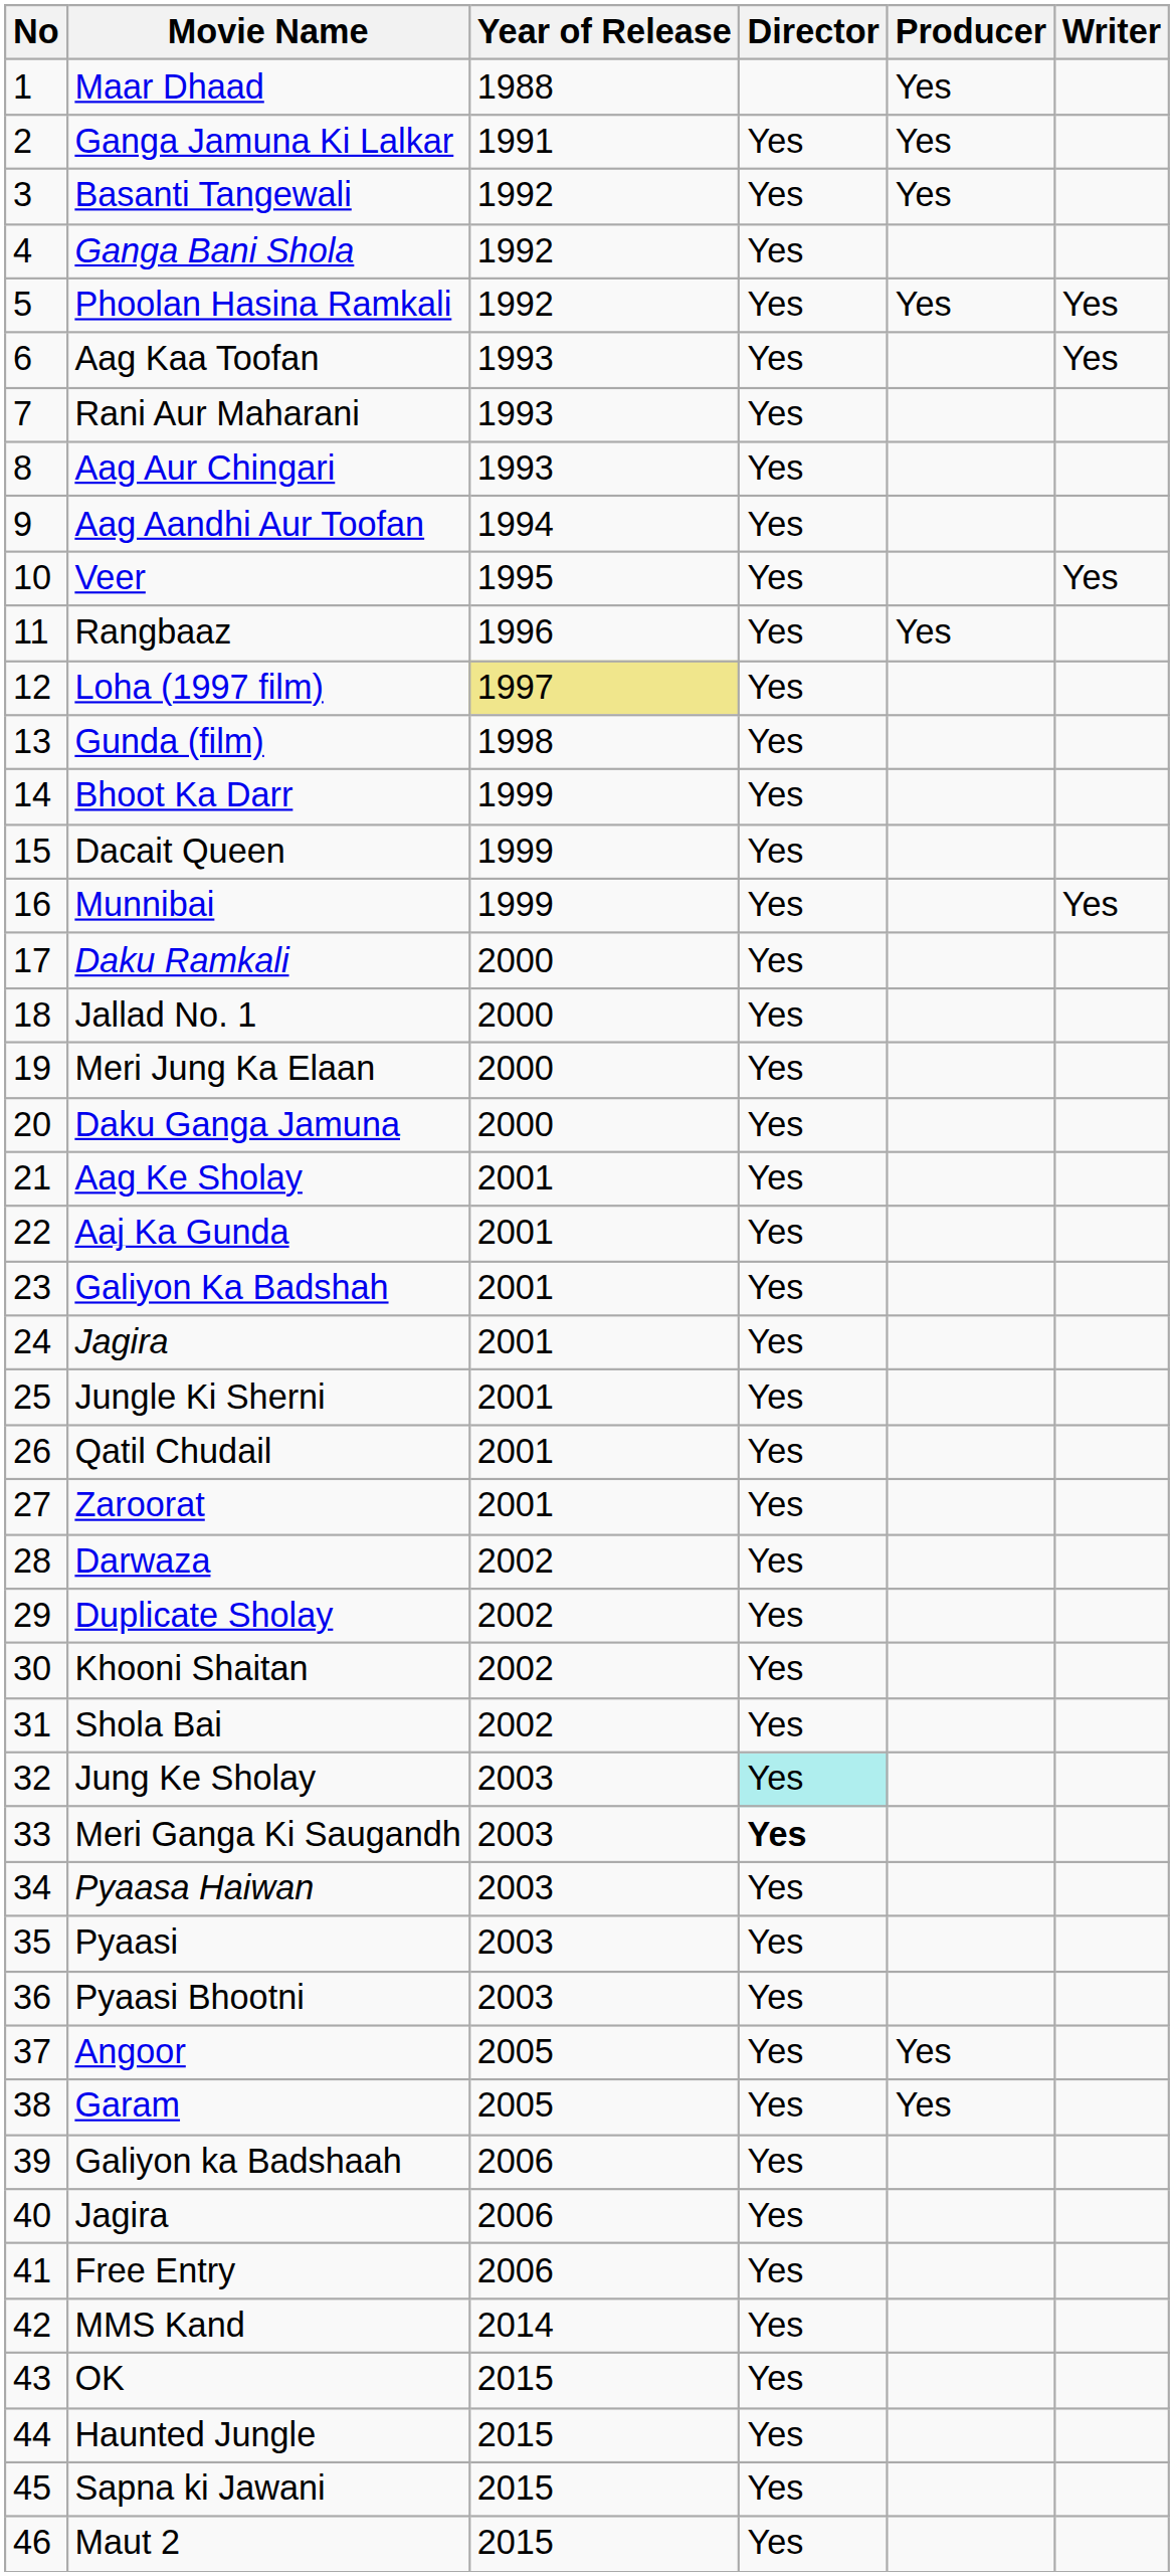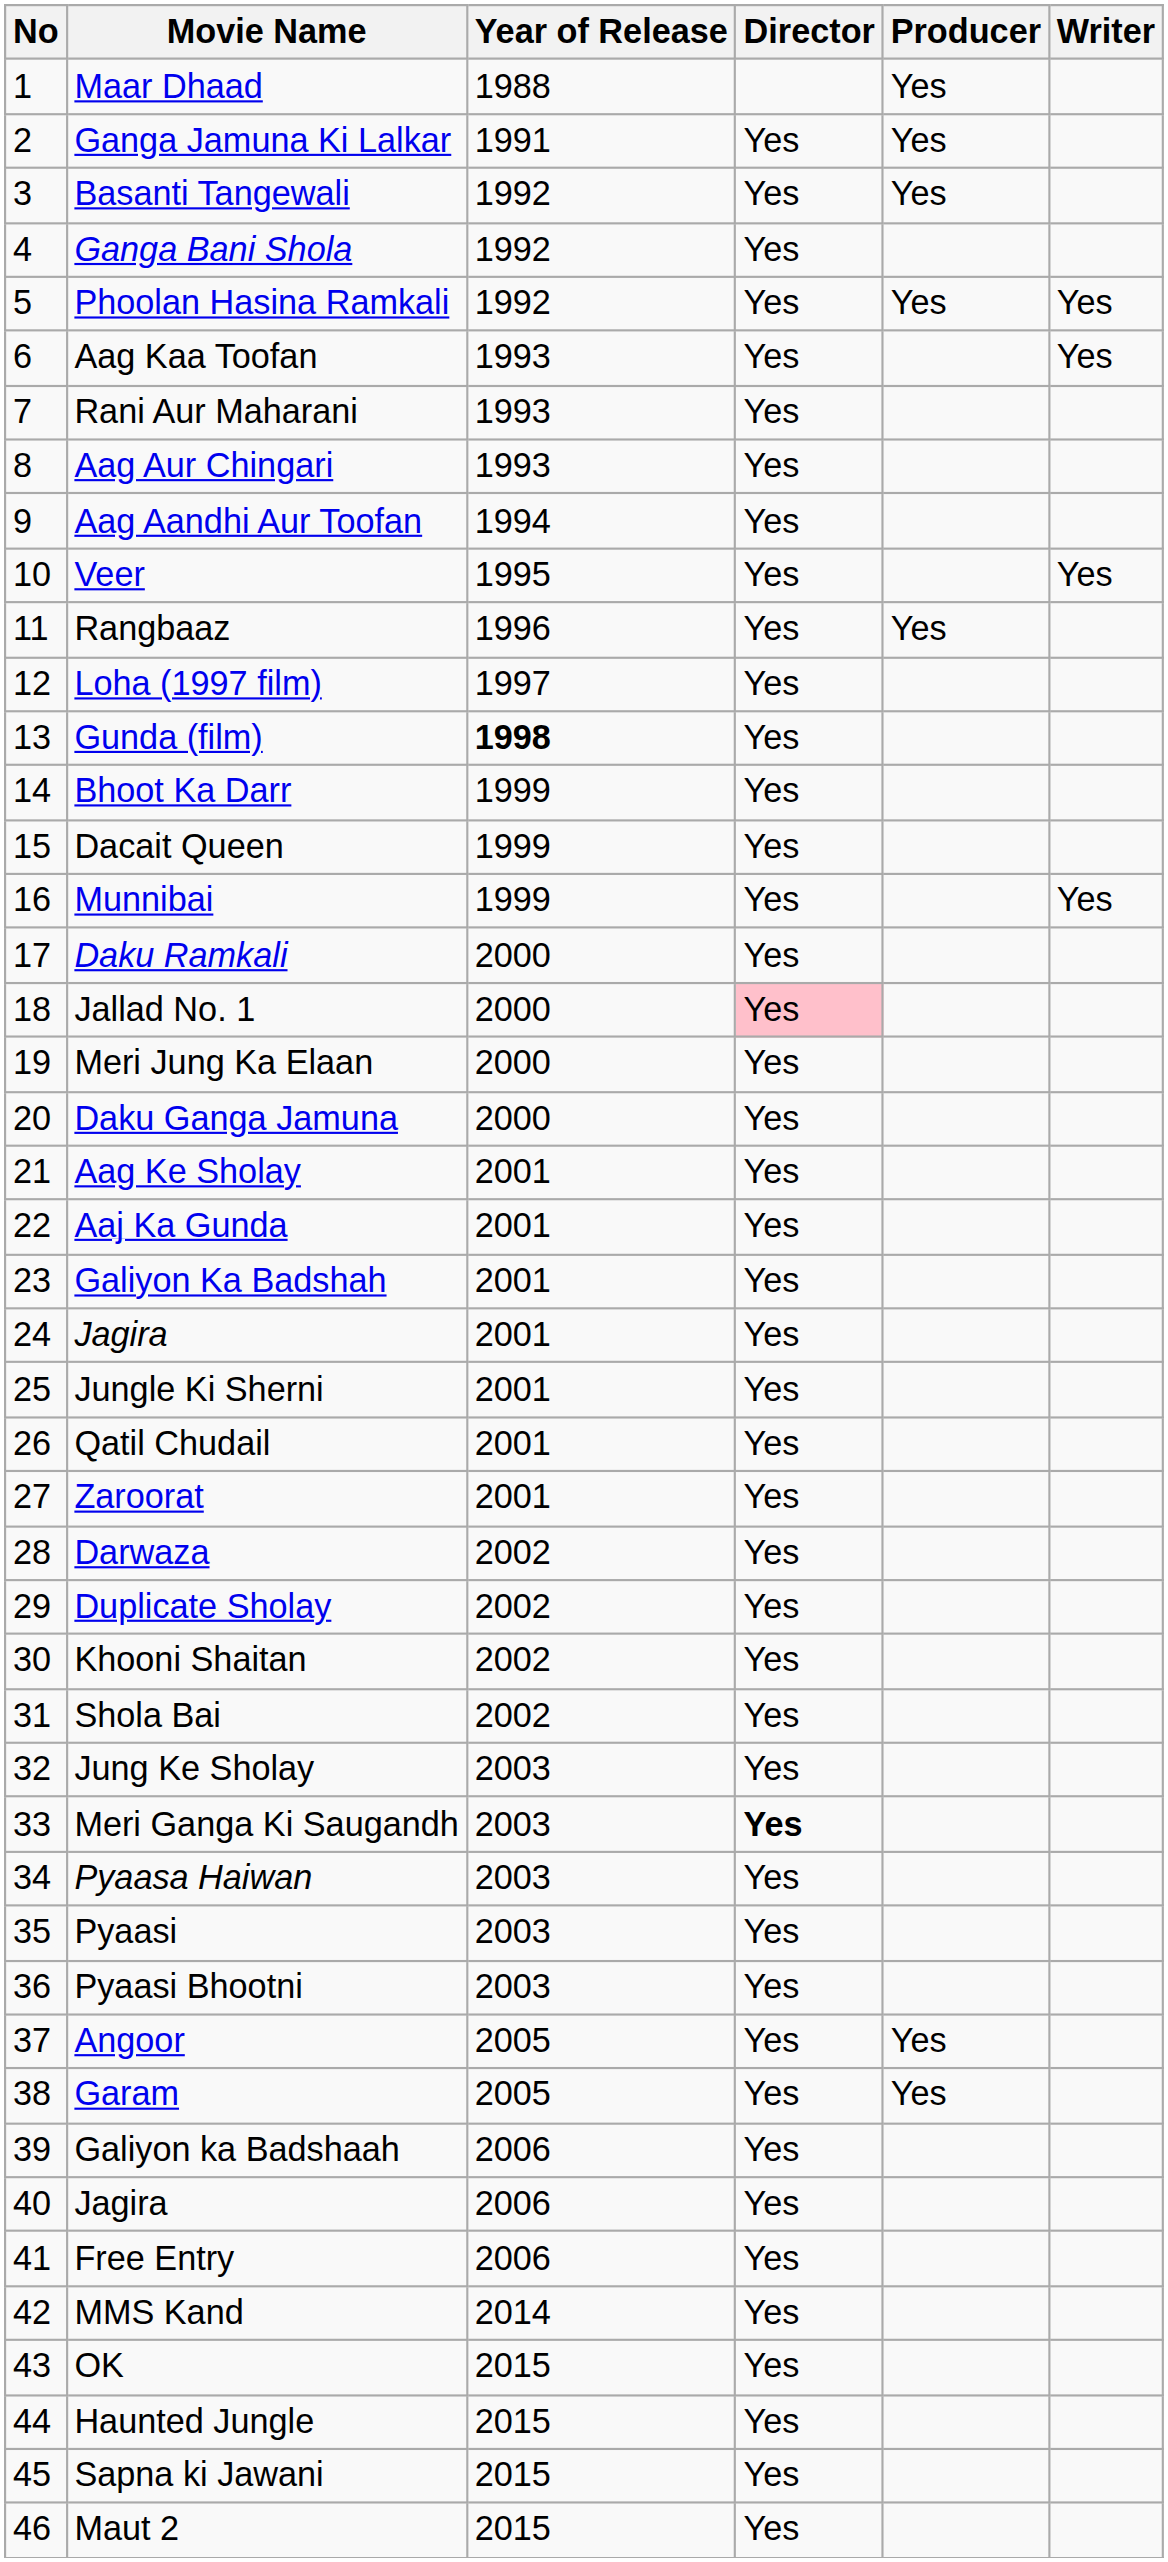 <table class="wikitable sortable">
 <tr style="background:#ccc; align:center,">
 <th>No</th>
 <th>Movie Name</th>
 <th>Year of Release</th>
 <th>Director</th>
 <th>Producer</th>
 <th>Writer</th>
 </tr>
 <tr>
 <td>1</td>
 <td><a href='#'>Maar Dhaad</a></td>
 <td>1988</td>
 <td></td>
 <td>Yes</td>
 <td></td>
 </tr>
 <tr>
 <td>2</td>
 <td><a href='#'>Ganga Jamuna Ki Lalkar</a></td>
 <td>1991</td>
 <td>Yes</td>
 <td>Yes</td>
 <td></td>
 </tr>
 <tr>
 <td>3</td>
 <td><a href='#'>Basanti Tangewali</a></td>
 <td>1992</td>
 <td>Yes</td>
 <td>Yes</td>
 <td></td>
 </tr>
 <tr>
 <td>4</td>
 <td><em><a href='#'>Ganga Bani Shola</a></em></td>
 <td>1992</td>
 <td>Yes</td>
 <td></td>
 <td></td>
 </tr>
 <tr>
 <td>5</td>
 <td><a href='#'>Phoolan Hasina Ramkali</a></td>
 <td>1992</td>
 <td>Yes</td>
 <td>Yes</td>
 <td>Yes</td>
 </tr>
 <tr>
 <td>6</td>
 <td>Aag Kaa Toofan</td>
 <td>1993</td>
 <td>Yes</td>
 <td></td>
 <td>Yes</td>
 </tr>
 <tr>
 <td>7</td>
 <td>Rani Aur Maharani</td>
 <td>1993</td>
 <td>Yes</td>
 <td></td>
 <td></td>
 </tr>
 <tr>
 <td>8</td>
 <td><a href='#'>Aag Aur Chingari</a></td>
 <td>1993</td>
 <td>Yes</td>
 <td></td>
 <td></td>
 </tr>
 <tr>
 <td>9</td>
 <td><a href='#'>Aag Aandhi Aur Toofan</a></td>
 <td>1994</td>
 <td>Yes</td>
 <td></td>
 <td></td>
 </tr>
 <tr>
 <td>10</td>
 <td><a href='#'>Veer</a></td>
 <td>1995</td>
 <td>Yes</td>
 <td></td>
 <td>Yes</td>
 </tr>
 <tr>
 <td>11</td>
 <td>Rangbaaz</td>
 <td>1996</td>
 <td>Yes</td>
 <td>Yes</td>
 <td></td>
 </tr>
 <tr>
 <td>12</td>
 <td><a href='#'>Loha (1997 film)</a></td>
-<td style="background: khaki;">1997</td>
+<td>1997</td>
 <td>Yes</td>
 <td></td>
 <td></td>
 </tr>
 <tr>
 <td>13</td>
 <td><a href='#'>Gunda (film)</a></td>
-<td>1998</td>
+<td><strong>1998</strong></td>
 <td>Yes</td>
 <td></td>
 <td></td>
 </tr>
 <tr>
 <td>14</td>
 <td><a href='#'>Bhoot Ka Darr</a></td>
 <td>1999</td>
 <td>Yes</td>
 <td></td>
 <td></td>
 </tr>
 <tr>
 <td>15</td>
 <td>Dacait Queen</td>
 <td>1999</td>
 <td>Yes</td>
 <td></td>
 <td></td>
 </tr>
 <tr>
 <td>16</td>
 <td><a href='#'>Munnibai</a></td>
 <td>1999</td>
 <td>Yes</td>
 <td></td>
 <td>Yes</td>
 </tr>
 <tr>
 <td>17</td>
 <td><em><a href='#'>Daku Ramkali</a></em></td>
 <td>2000</td>
 <td>Yes</td>
 <td></td>
 <td></td>
 </tr>
 <tr>
 <td>18</td>
 <td>Jallad No. 1</td>
 <td>2000</td>
-<td>Yes</td>
+<td style="background: pink;">Yes</td>
 <td></td>
 <td></td>
 </tr>
 <tr>
 <td>19</td>
 <td>Meri Jung Ka Elaan</td>
 <td>2000</td>
 <td>Yes</td>
 <td></td>
 <td></td>
 </tr>
 <tr>
 <td>20</td>
 <td><a href='#'>Daku Ganga Jamuna</a></td>
 <td>2000</td>
 <td>Yes</td>
 <td></td>
 <td></td>
 </tr>
 <tr>
 <td>21</td>
 <td><a href='#'>Aag Ke Sholay</a></td>
 <td>2001</td>
 <td>Yes</td>
 <td></td>
 <td></td>
 </tr>
 <tr>
 <td>22</td>
 <td><a href='#'>Aaj Ka Gunda</a></td>
 <td>2001</td>
 <td>Yes</td>
 <td></td>
 <td></td>
 </tr>
 <tr>
 <td>23</td>
 <td><a href='#'>Galiyon Ka Badshah</a></td>
 <td>2001</td>
 <td>Yes</td>
 <td></td>
 <td></td>
 </tr>
 <tr>
 <td>24</td>
 <td><em>Jagira</em></td>
 <td>2001</td>
 <td>Yes</td>
 <td></td>
 <td></td>
 </tr>
 <tr>
 <td>25</td>
 <td>Jungle Ki Sherni</td>
 <td>2001</td>
 <td>Yes</td>
 <td></td>
 <td></td>
 </tr>
 <tr>
 <td>26</td>
 <td>Qatil Chudail</td>
 <td>2001</td>
 <td>Yes</td>
 <td></td>
 <td></td>
 </tr>
 <tr>
 <td>27</td>
 <td><a href='#'>Zaroorat</a></td>
 <td>2001</td>
 <td>Yes</td>
 <td></td>
 <td></td>
 </tr>
 <tr>
 <td>28</td>
 <td><a href='#'>Darwaza</a></td>
 <td>2002</td>
 <td>Yes</td>
 <td></td>
 <td></td>
 </tr>
 <tr>
 <td>29</td>
 <td><a href='#'>Duplicate Sholay</a></td>
 <td>2002</td>
 <td>Yes</td>
 <td></td>
 <td></td>
 </tr>
 <tr>
 <td>30</td>
 <td>Khooni Shaitan</td>
 <td>2002</td>
 <td>Yes</td>
 <td></td>
 <td></td>
 </tr>
 <tr>
 <td>31</td>
 <td>Shola Bai</td>
 <td>2002</td>
 <td>Yes</td>
 <td></td>
 <td></td>
 </tr>
 <tr>
 <td>32</td>
 <td>Jung Ke Sholay</td>
 <td>2003</td>
-<td style="background: paleturquoise;">Yes</td>
+<td>Yes</td>
 <td></td>
 <td></td>
 </tr>
 <tr>
 <td>33</td>
 <td>Meri Ganga Ki Saugandh</td>
 <td>2003</td>
 <td><strong>Yes</strong></td>
 <td></td>
 <td></td>
 </tr>
 <tr>
 <td>34</td>
 <td><em>Pyaasa Haiwan</em></td>
 <td>2003</td>
 <td>Yes</td>
 <td></td>
 <td></td>
 </tr>
 <tr>
 <td>35</td>
 <td>Pyaasi</td>
 <td>2003</td>
 <td>Yes</td>
 <td></td>
 <td></td>
 </tr>
 <tr>
 <td>36</td>
 <td>Pyaasi Bhootni</td>
 <td>2003</td>
 <td>Yes</td>
 <td></td>
 <td></td>
 </tr>
 <tr>
 <td>37</td>
 <td><a href='#'>Angoor</a></td>
 <td>2005</td>
 <td>Yes</td>
 <td>Yes</td>
 <td></td>
 </tr>
 <tr>
 <td>38</td>
 <td><a href='#'>Garam</a></td>
 <td>2005</td>
 <td>Yes</td>
 <td>Yes</td>
 <td></td>
 </tr>
 <tr>
 <td>39</td>
 <td>Galiyon ka Badshaah</td>
 <td>2006</td>
 <td>Yes</td>
 <td></td>
 <td></td>
 </tr>
 <tr>
 <td>40</td>
 <td>Jagira</td>
 <td>2006</td>
 <td>Yes</td>
 <td></td>
 <td></td>
 </tr>
 <tr>
 <td>41</td>
 <td>Free Entry</td>
 <td>2006</td>
 <td>Yes</td>
 <td></td>
 <td></td>
 </tr>
 <tr>
 <td>42</td>
 <td>MMS Kand</td>
 <td>2014</td>
 <td>Yes</td>
 <td></td>
 <td></td>
 </tr>
 <tr>
 <td>43</td>
 <td>OK</td>
 <td>2015</td>
 <td>Yes</td>
 <td></td>
 <td></td>
 </tr>
 <tr>
 <td>44</td>
 <td>Haunted Jungle</td>
 <td>2015</td>
 <td>Yes</td>
 <td></td>
 <td></td>
 </tr>
 <tr>
 <td>45</td>
 <td>Sapna ki Jawani</td>
 <td>2015</td>
 <td>Yes</td>
 <td></td>
 <td></td>
 </tr>
 <tr>
 <td>46</td>
 <td>Maut 2</td>
 <td>2015</td>
 <td>Yes</td>
 <td></td>
 <td></td>
 </tr>
 <tr>
 </tr>
 </table>
